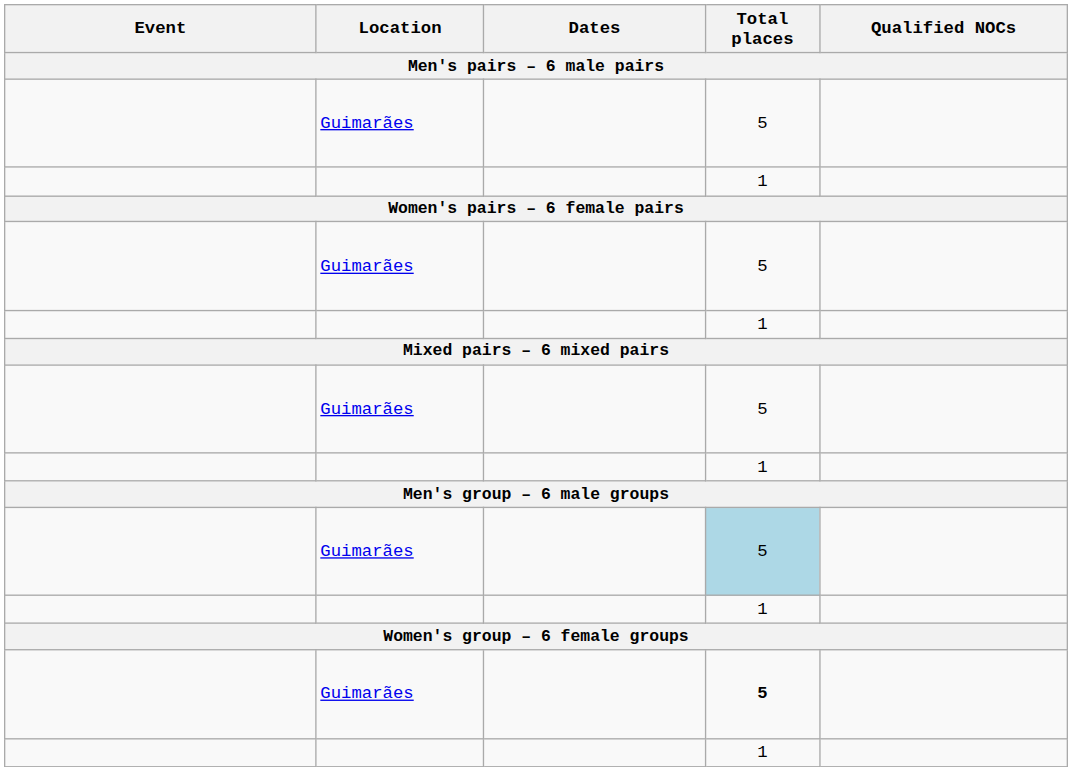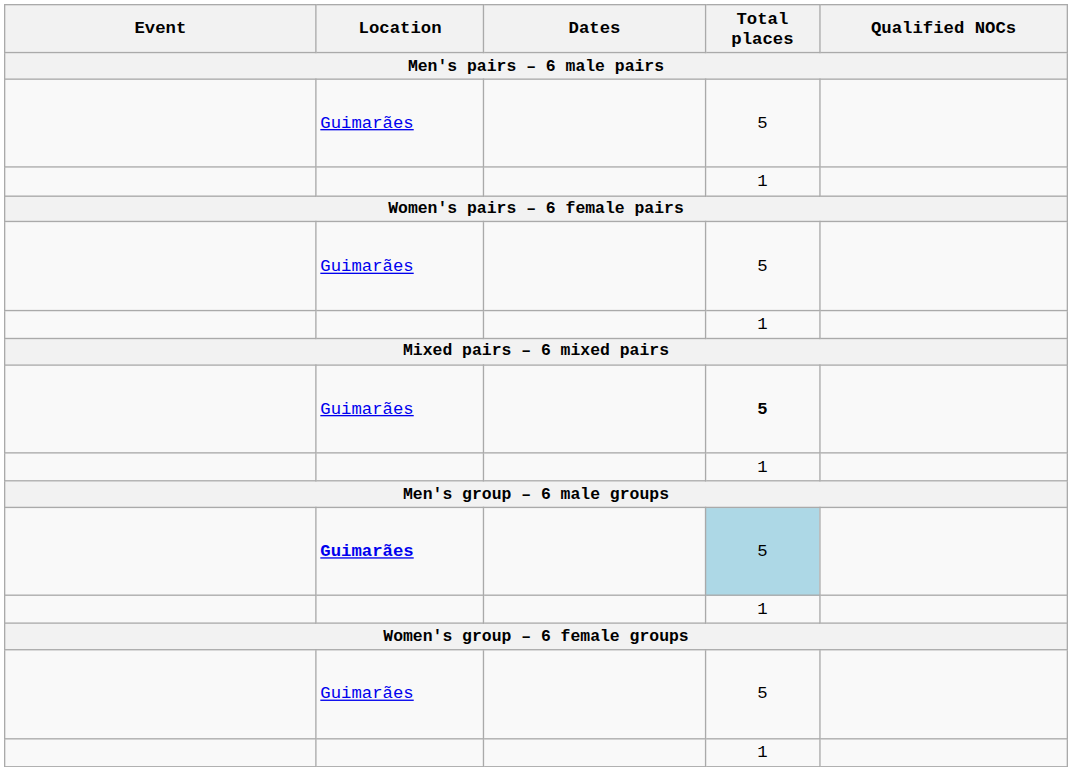 <table class="wikitable" width=800>
 <tr>
 <th>Event</th>
 <th width=120>Location</th>
 <th width=160>Dates</th>
 <th width=80>Total places</th>
 <th width=180>Qualified NOCs</th>
 </tr>
 <tr style="font-size:95%;">
 <th colspan=5>Men's pairs – 6 male pairs</th>
 </tr>
 <tr>
 <td></td>
 <td> <a href='#'>Guimarães</a></td>
 <td align="center"></td>
 <td align="center">5</td>
 <td><br><br><br><br></td>
 </tr>
 <tr>
 <td></td>
 <td></td>
 <td></td>
 <td align="center">1</td>
 <td></td>
 </tr>
 <tr style="font-size:95%;">
 <th colspan=5>Women's pairs – 6 female pairs</th>
 </tr>
 <tr>
 <td></td>
 <td> <a href='#'>Guimarães</a></td>
 <td align="center"></td>
 <td align="center">5</td>
 <td><br><br><br><br></td>
 </tr>
 <tr>
 <td></td>
 <td></td>
 <td></td>
 <td align="center">1</td>
 <td></td>
 </tr>
 <tr style="font-size:95%;">
 <th colspan=5>Mixed pairs – 6 mixed pairs</th>
 </tr>
 <tr>
 <td></td>
 <td> <a href='#'>Guimarães</a></td>
 <td align="center"></td>
-<td align="center">5</td>
+<td align="center"><strong>5</strong></td>
 <td><br><br><br><br></td>
 </tr>
 <tr>
 <td></td>
 <td></td>
 <td></td>
 <td align="center">1</td>
 <td></td>
 </tr>
 <tr style="font-size:95%;">
 <th colspan=5>Men's group – 6 male groups</th>
 </tr>
 <tr>
 <td></td>
-<td> <a href='#'>Guimarães</a></td>
+<td><strong> <a href='#'>Guimarães</a></strong></td>
 <td align="center"></td>
 <td align="center" style="background: lightblue;">5</td>
 <td><br><br><br><br></td>
 </tr>
 <tr>
 <td></td>
 <td></td>
 <td></td>
 <td align="center">1</td>
 <td></td>
 </tr>
 <tr style="font-size:95%;">
 <th colspan=5>Women's group – 6 female groups</th>
 </tr>
 <tr>
 <td></td>
 <td> <a href='#'>Guimarães</a></td>
 <td align="center"></td>
-<td align="center"><strong>5</strong></td>
+<td align="center">5</td>
 <td><br><br><br><br></td>
 </tr>
 <tr>
 <td></td>
 <td></td>
 <td></td>
 <td align="center">1</td>
 <td></td>
 </tr>
 </table>
